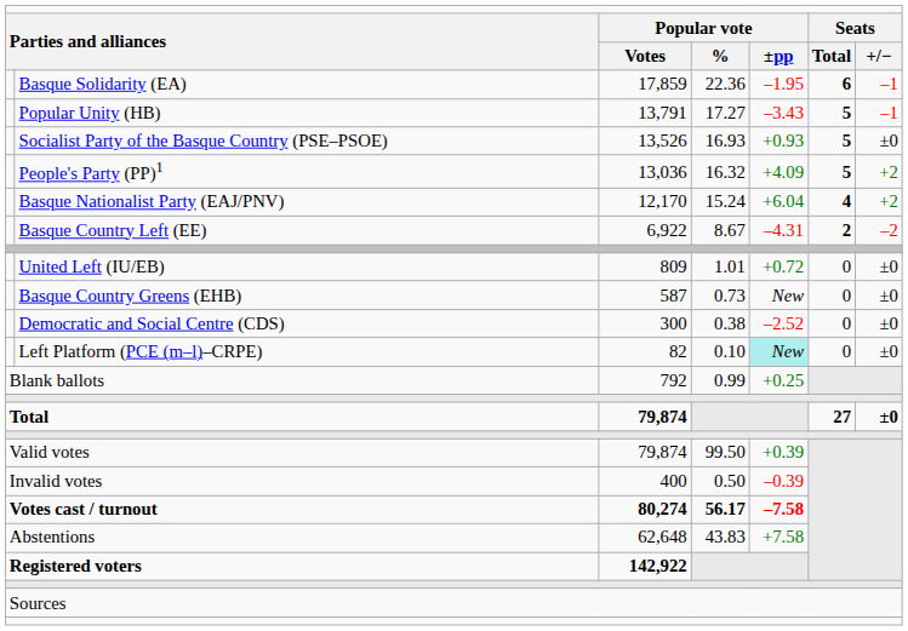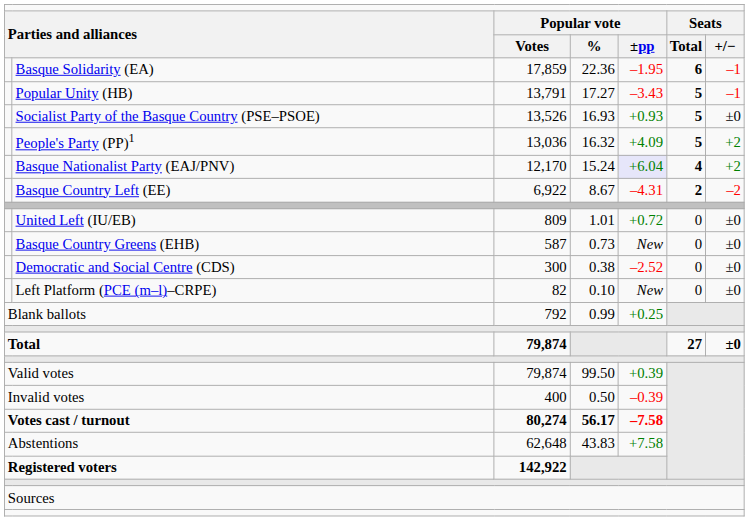 <table class="wikitable" style="text-align:right;">
 <tr>
 <td colspan="7"></td>
 </tr>
 <tr>
 <th style="text-align:left;" rowspan="2" colspan="2" width="525">Parties and alliances</th>
 <th colspan="3">Popular vote</th>
 <th colspan="2">Seats</th>
 </tr>
 <tr>
 <th width="75">Votes</th>
 <th width="45">%</th>
 <th width="45">±<a href='#'>pp</a></th>
 <th width="35">Total</th>
 <th width="35">+/−</th>
 </tr>
 <tr>
 <td width="1" style="color:inherit;background:"></td>
 <td align="left"><a href='#'>Basque Solidarity</a> (EA)</td>
 <td>17,859</td>
 <td>22.36</td>
 <td style="color:red;">–1.95</td>
 <td><strong>6</strong></td>
 <td style="color:red;">–1</td>
 </tr>
 <tr>
 <td style="color:inherit;background:"></td>
 <td align="left"><a href='#'>Popular Unity</a> (HB)</td>
 <td>13,791</td>
 <td>17.27</td>
 <td style="color:red;">–3.43</td>
 <td><strong>5</strong></td>
 <td style="color:red;">–1</td>
 </tr>
 <tr>
 <td style="color:inherit;background:"></td>
 <td align="left"><a href='#'>Socialist Party of the Basque Country</a> (PSE–PSOE)</td>
 <td>13,526</td>
 <td>16.93</td>
 <td style="color:green;">+0.93</td>
 <td><strong>5</strong></td>
 <td>±0</td>
 </tr>
 <tr>
 <td style="color:inherit;background:"></td>
 <td align="left"><a href='#'>People's Party</a> (PP)<sup>1</sup></td>
 <td>13,036</td>
 <td>16.32</td>
 <td style="color:green;">+4.09</td>
 <td><strong>5</strong></td>
 <td style="color:green;">+2</td>
 </tr>
 <tr>
 <td style="color:inherit;background:"></td>
 <td align="left"><a href='#'>Basque Nationalist Party</a> (EAJ/PNV)</td>
 <td>12,170</td>
 <td>15.24</td>
-<td style="color:green;">+6.04</td>
+<td style="background: lavender; color:green;">+6.04</td>
 <td><strong>4</strong></td>
 <td style="color:green;">+2</td>
 </tr>
 <tr>
 <td style="color:inherit;background:"></td>
 <td align="left"><a href='#'>Basque Country Left</a> (EE)</td>
 <td>6,922</td>
 <td>8.67</td>
 <td style="color:red;">–4.31</td>
 <td><strong>2</strong></td>
 <td style="color:red;">–2</td>
 </tr>
 <tr>
 <td colspan="7" bgcolor="#C0C0C0"></td>
 </tr>
 <tr>
 <td style="color:inherit;background:"></td>
 <td align="left"><a href='#'>United Left</a> (IU/EB)</td>
 <td>809</td>
 <td>1.01</td>
 <td style="color:green;">+0.72</td>
 <td>0</td>
 <td>±0</td>
 </tr>
 <tr>
 <td style="color:inherit;background:"></td>
 <td align="left"><a href='#'>Basque Country Greens</a> (EHB)</td>
 <td>587</td>
 <td>0.73</td>
 <td><em>New</em></td>
 <td>0</td>
 <td>±0</td>
 </tr>
 <tr>
 <td style="color:inherit;background:"></td>
 <td align="left"><a href='#'>Democratic and Social Centre</a> (CDS)</td>
 <td>300</td>
 <td>0.38</td>
 <td style="color:red;">–2.52</td>
 <td>0</td>
 <td>±0</td>
 </tr>
 <tr>
 <td style="color:inherit;background:"></td>
 <td align="left">Left Platform (<a href='#'>PCE (m–l)</a>–CRPE)</td>
 <td>82</td>
 <td>0.10</td>
-<td style="background: paleturquoise;"><em>New</em></td>
+<td><em>New</em></td>
 <td>0</td>
 <td>±0</td>
 </tr>
 <tr>
 <td align="left" colspan="2">Blank ballots</td>
 <td>792</td>
 <td>0.99</td>
 <td style="color:green;">+0.25</td>
 <td bgcolor="#E9E9E9" colspan="2"></td>
 </tr>
 <tr>
 <td colspan="7" bgcolor="#E9E9E9"></td>
 </tr>
 <tr style="font-weight:bold;">
 <td align="left" colspan="2">Total</td>
 <td>79,874</td>
 <td bgcolor="#E9E9E9" colspan="2"></td>
 <td>27</td>
 <td>±0</td>
 </tr>
 <tr>
 <td colspan="7" bgcolor="#E9E9E9"></td>
 </tr>
 <tr>
 <td align="left" colspan="2">Valid votes</td>
 <td>79,874</td>
 <td>99.50</td>
 <td style="color:green;">+0.39</td>
 <td bgcolor="#E9E9E9" colspan="2" rowspan="5"></td>
 </tr>
 <tr>
 <td align="left" colspan="2">Invalid votes</td>
 <td>400</td>
 <td>0.50</td>
 <td style="color:red;">–0.39</td>
 </tr>
 <tr style="font-weight:bold;">
 <td align="left" colspan="2">Votes cast / turnout</td>
 <td>80,274</td>
 <td>56.17</td>
 <td style="color:red;">–7.58</td>
 </tr>
 <tr>
 <td align="left" colspan="2">Abstentions</td>
 <td>62,648</td>
 <td>43.83</td>
 <td style="color:green;">+7.58</td>
 </tr>
 <tr style="font-weight:bold;">
 <td align="left" colspan="2">Registered voters</td>
 <td>142,922</td>
 <td bgcolor="#E9E9E9" colspan="2"></td>
 </tr>
 <tr>
 <td colspan="7" bgcolor="#E9E9E9"></td>
 </tr>
 <tr>
 <td align="left" colspan="7">Sources</td>
 </tr>
 <tr>
 <td colspan="7" style="text-align:left; max-width:790px;"></td>
 </tr>
 </table>
